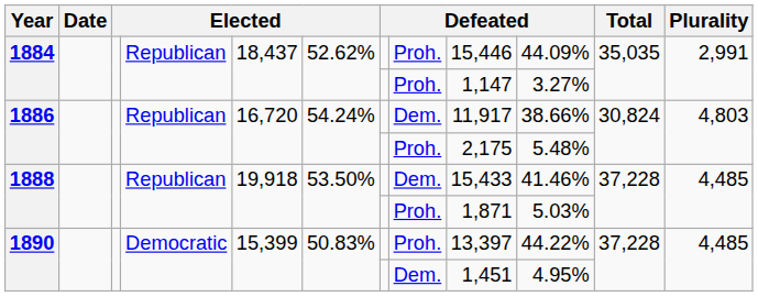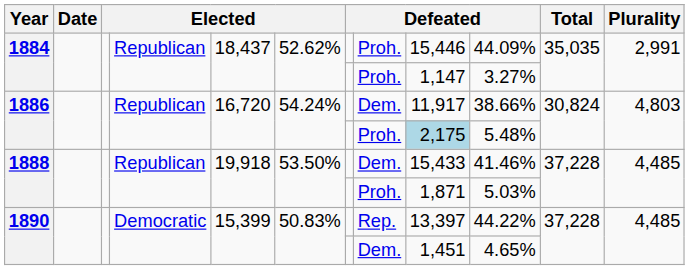 <table class=wikitable>
 <tr>
 <th>Year</th>
 <th>Date</th>
 <th ! colspan="4">Elected</th>
 <th ! colspan="4">Defeated</th>
 <th>Total</th>
 <th>Plurality</th>
 </tr>
 <tr>
 <th rowspan="2" valign="top"><a href='#'>1884</a></th>
 <td rowspan="2" valign="top"></td>
 <td rowspan="2" valign="top"></td>
 <td rowspan="2" valign="top" ><a href='#'>Republican</a></td>
 <td rowspan="2" valign="top" align="right">18,437</td>
 <td rowspan="2" valign="top" align="right">52.62%</td>
 <td valign="top"></td>
 <td valign="top" ><a href='#'>Proh.</a></td>
 <td valign="top" align="right">15,446</td>
 <td valign="top" align="right">44.09%</td>
 <td rowspan="2" valign="top" align="right">35,035</td>
 <td rowspan="2" valign="top" align="right">2,991</td>
 </tr>
 <tr>
 <td valign="top"></td>
 <td valign="top" ><a href='#'>Proh.</a></td>
 <td valign="top" align="right">1,147</td>
 <td valign="top" align="right">3.27%</td>
 </tr>
 <tr>
 <th rowspan="2" valign="top"><a href='#'>1886</a></th>
 <td rowspan="2" valign="top"></td>
 <td rowspan="2" valign="top"></td>
 <td rowspan="2" valign="top" ><a href='#'>Republican</a></td>
 <td rowspan="2" valign="top" align="right">16,720</td>
 <td rowspan="2" valign="top" align="right">54.24%</td>
 <td valign="top"></td>
 <td valign="top" ><a href='#'>Dem.</a></td>
 <td valign="top" align="right">11,917</td>
 <td valign="top" align="right">38.66%</td>
 <td rowspan="2" valign="top" align="right">30,824</td>
 <td rowspan="2" valign="top" align="right">4,803</td>
 </tr>
 <tr>
 <td valign="top"></td>
 <td valign="top" ><a href='#'>Proh.</a></td>
-<td valign="top" align="right">2,175</td>
+<td valign="top" align="right" style="background: lightblue;">2,175</td>
 <td valign="top" align="right">5.48%</td>
 </tr>
 <tr>
 <th rowspan="2" valign="top"><a href='#'>1888</a></th>
 <td rowspan="2" valign="top"></td>
 <td rowspan="2" valign="top"></td>
 <td rowspan="2" valign="top" ><a href='#'>Republican</a></td>
 <td rowspan="2" valign="top" align="right">19,918</td>
 <td rowspan="2" valign="top" align="right">53.50%</td>
 <td valign="top"></td>
 <td valign="top" ><a href='#'>Dem.</a></td>
 <td valign="top" align="right">15,433</td>
 <td valign="top" align="right">41.46%</td>
 <td rowspan="2" valign="top" align="right">37,228</td>
 <td rowspan="2" valign="top" align="right">4,485</td>
 </tr>
 <tr>
 <td valign="top"></td>
 <td valign="top" ><a href='#'>Proh.</a></td>
 <td valign="top" align="right">1,871</td>
 <td valign="top" align="right">5.03%</td>
 </tr>
 <tr>
 <th rowspan="2" valign="top"><a href='#'>1890</a></th>
 <td rowspan="2" valign="top"></td>
 <td rowspan="2" valign="top"></td>
 <td rowspan="2" valign="top" ><a href='#'>Democratic</a></td>
 <td rowspan="2" valign="top" align="right">15,399</td>
 <td rowspan="2" valign="top" align="right">50.83%</td>
 <td valign="top"></td>
-<td valign="top" ><a href='#'>Proh.</a></td>
+<td valign="top" ><a href='#'>Rep.</a></td>
 <td valign="top" align="right">13,397</td>
 <td valign="top" align="right">44.22%</td>
 <td rowspan="2" valign="top" align="right">37,228</td>
 <td rowspan="2" valign="top" align="right">4,485</td>
 </tr>
 <tr>
 <td valign="top"></td>
 <td valign="top" ><a href='#'>Dem.</a></td>
 <td valign="top" align="right">1,451</td>
-<td valign="top" align="right">4.95%</td>
+<td valign="top" align="right">4.65%</td>
 </tr>
 </table>
